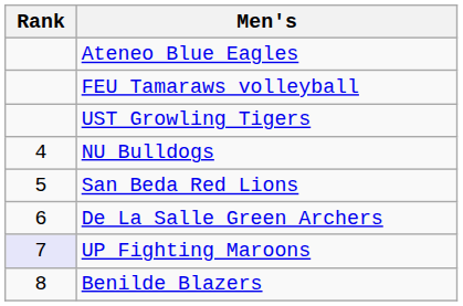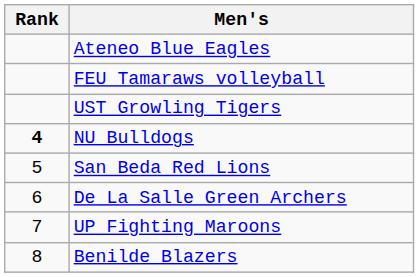 <table class="wikitable" style="text-align: center;">
 <tr>
 <th width=40>Rank</th>
 <th width=240>Men's</th>
 </tr>
 <tr>
 <td></td>
 <td align="left"><a href='#'>Ateneo Blue Eagles</a></td>
 </tr>
 <tr>
 <td></td>
 <td align="left"><a href='#'>FEU Tamaraws volleyball</a></td>
 </tr>
 <tr>
 <td></td>
 <td align="left"><a href='#'>UST Growling Tigers</a></td>
 </tr>
 <tr>
-<td>4</td>
+<td><strong>4</strong></td>
 <td align="left"><a href='#'>NU Bulldogs</a></td>
 </tr>
 <tr>
 <td>5</td>
 <td align="left"><a href='#'>San Beda Red Lions</a></td>
 </tr>
 <tr>
 <td>6</td>
 <td align="left"><a href='#'>De La Salle Green Archers</a></td>
 </tr>
 <tr>
-<td style="background: lavender;">7</td>
+<td>7</td>
 <td align="left"><a href='#'>UP Fighting Maroons</a></td>
 </tr>
 <tr>
 <td>8</td>
 <td align="left"><a href='#'>Benilde Blazers</a></td>
 </tr>
 </table>
